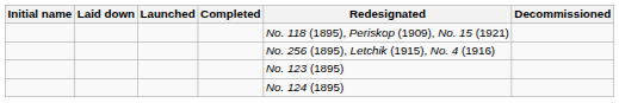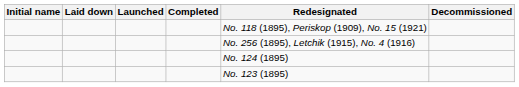 <table class="wikitable">
 <tr>
 <th scope="col">Initial name</th>
 <th scope="col">Laid down</th>
 <th scope="col">Launched</th>
 <th scope="col">Completed</th>
 <th scope="col">Redesignated</th>
 <th scope="col">Decommissioned</th>
 </tr>
 <tr>
 <td></td>
 <td></td>
 <td></td>
 <td></td>
 <td><em>No. 118</em> (1895), <em>Periskop</em> (1909), <em>No. 15</em> (1921)</td>
 <td></td>
 </tr>
 <tr>
 <td></td>
 <td></td>
 <td></td>
 <td></td>
 <td><em>No. 256</em> (1895), <em>Letchik</em> (1915), <em>No. 4</em> (1916)</td>
 <td></td>
 </tr>
 <tr>
 <td></td>
 <td></td>
 <td></td>
 <td></td>
-<td><em>No. 123</em> (1895)</td>
+<td><em>No. 124</em> (1895)</td>
 <td></td>
 </tr>
 <tr>
 <td></td>
 <td></td>
 <td></td>
 <td></td>
-<td><em>No. 124</em> (1895)</td>
+<td><em>No. 123</em> (1895)</td>
 <td></td>
 </tr>
 </table>
